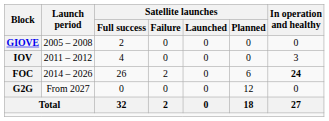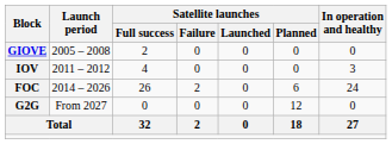 <table class="wikitable" style="text-align:center;">
 <tr>
 <th rowspan="2">Block</th>
 <th rowspan="2">Launch <br>period</th>
 <th colspan="4">Satellite launches</th>
 <th rowspan="2">In operation <br>and healthy</th>
 </tr>
 <tr>
 <th>Full success</th>
 <th>Failure</th>
 <th>Launched</th>
 <th>Planned</th>
 </tr>
 <tr>
 <th><a href='#'>GIOVE</a></th>
 <td>2005 – 2008</td>
 <td>2</td>
 <td>0</td>
 <td>0</td>
 <td>0</td>
 <td>0</td>
 </tr>
 <tr>
 <th>IOV</th>
 <td>2011 – 2012</td>
 <td>4</td>
 <td>0</td>
 <td>0</td>
 <td>0</td>
 <td>3</td>
 </tr>
 <tr>
 <th>FOC</th>
 <td>2014 – 2026</td>
 <td>26</td>
 <td>2</td>
 <td>0</td>
 <td>6</td>
-<td><strong>24</strong></td>
+<td>24</td>
 </tr>
 <tr>
 <th>G2G</th>
 <td>From 2027</td>
 <td>0</td>
 <td>0</td>
 <td>0</td>
 <td>12</td>
 <td>0</td>
 </tr>
 <tr>
 <th colspan="2">Total</th>
 <th>32</th>
 <th>2</th>
 <th>0</th>
 <th>18</th>
 <th>27</th>
 </tr>
 <tr>
 <td colspan="7" style="text-align:left; font-size:smaller;"></td>
 </tr>
 </table>
